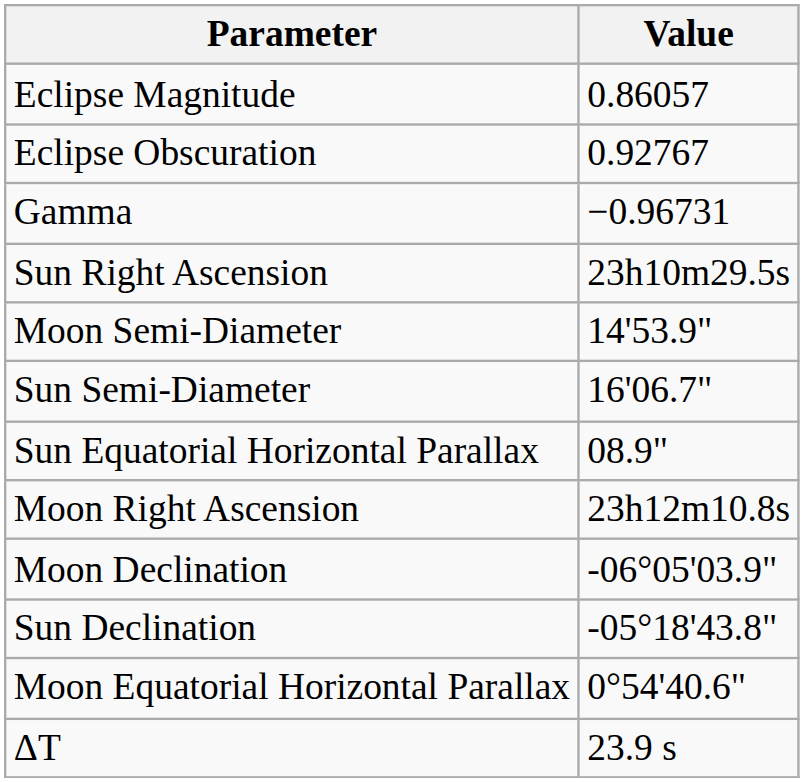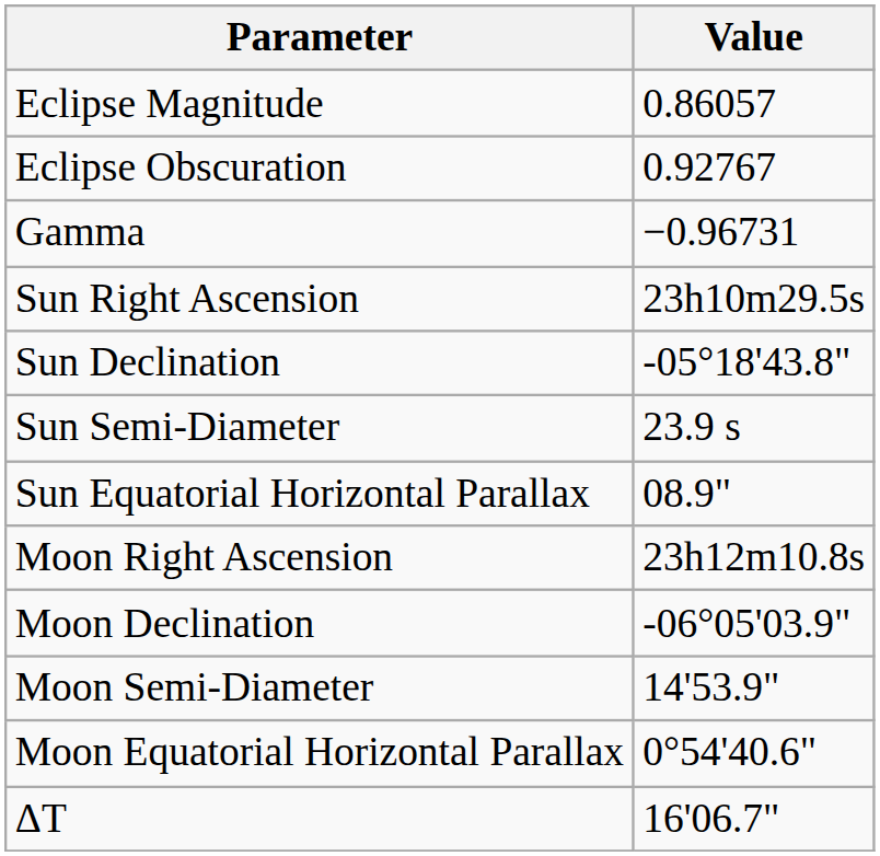 <table class="wikitable">
 <tr>
 <th>Parameter</th>
 <th>Value</th>
 </tr>
 <tr>
 <td>Eclipse Magnitude</td>
 <td>0.86057</td>
 </tr>
 <tr>
 <td>Eclipse Obscuration</td>
 <td>0.92767</td>
 </tr>
 <tr>
 <td>Gamma</td>
 <td>−0.96731</td>
 </tr>
 <tr>
 <td>Sun Right Ascension</td>
 <td>23h10m29.5s</td>
 </tr>
 <tr>
-<td>Moon Semi-Diameter</td>
-<td>14'53.9"</td>
+<td>Sun Declination</td>
+<td>-05°18'43.8"</td>
 </tr>
 <tr>
 <td>Sun Semi-Diameter</td>
-<td>16'06.7"</td>
+<td>23.9 s</td>
 </tr>
 <tr>
 <td>Sun Equatorial Horizontal Parallax</td>
 <td>08.9"</td>
 </tr>
 <tr>
 <td>Moon Right Ascension</td>
 <td>23h12m10.8s</td>
 </tr>
 <tr>
 <td>Moon Declination</td>
 <td>-06°05'03.9"</td>
 </tr>
 <tr>
-<td>Sun Declination</td>
-<td>-05°18'43.8"</td>
+<td>Moon Semi-Diameter</td>
+<td>14'53.9"</td>
 </tr>
 <tr>
 <td>Moon Equatorial Horizontal Parallax</td>
 <td>0°54'40.6"</td>
 </tr>
 <tr>
 <td>ΔT</td>
-<td>23.9 s</td>
+<td>16'06.7"</td>
 </tr>
 </table>
